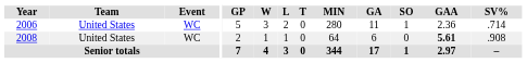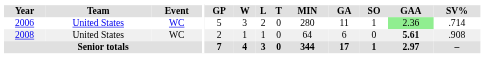 <table border="0" cellpadding="1" cellspacing="0" style="width:40%; text-align:center;">
 <tr style="background:#e0e0e0;">
 <th colspan="3" style="background:#fff;"></th>
 <th rowspan="99" style="background:#fff;"></th>
 </tr>
 <tr style="background:#e0e0e0;">
 <th>Year</th>
 <th>Team</th>
 <th>Event</th>
 <th>GP</th>
 <th>W</th>
 <th>L</th>
 <th>T</th>
 <th>MIN</th>
 <th>GA</th>
 <th>SO</th>
 <th>GAA</th>
 <th>SV%</th>
 </tr>
 <tr>
 <td><a href='#'>2006</a></td>
 <td><a href='#'>United States</a></td>
 <td><a href='#'>WC</a></td>
 <td>5</td>
 <td>3</td>
 <td>2</td>
 <td>0</td>
 <td>280</td>
 <td>11</td>
 <td>1</td>
-<td>2.36</td>
+<td style="background: lightgreen;">2.36</td>
 <td>.714</td>
 </tr>
 <tr style="background:#f0f0f0;">
 <td><a href='#'>2008</a></td>
 <td>United States</td>
 <td>WC</td>
 <td>2</td>
 <td>1</td>
 <td>1</td>
 <td>0</td>
 <td>64</td>
 <td>6</td>
 <td>0</td>
 <td><strong>5.61</strong></td>
 <td>.908</td>
 </tr>
 <tr style="background:#e0e0e0;">
 <th colspan="3">Senior totals</th>
 <th>7</th>
 <th>4</th>
 <th>3</th>
 <th>0</th>
 <th>344</th>
 <th>17</th>
 <th>1</th>
 <th>2.97</th>
 <th>–</th>
 </tr>
 </table>
